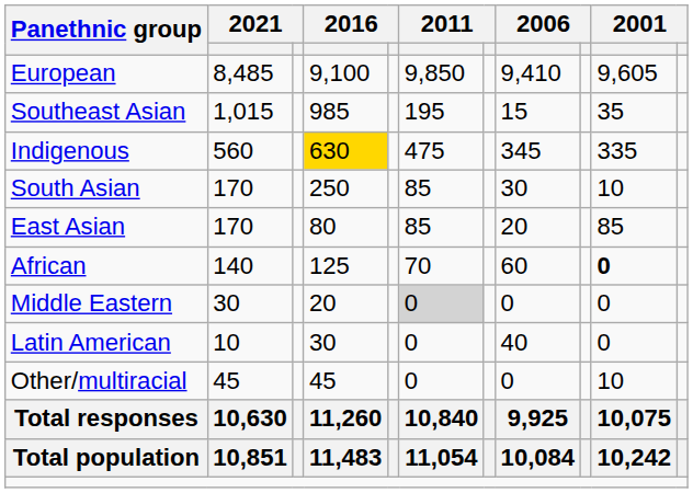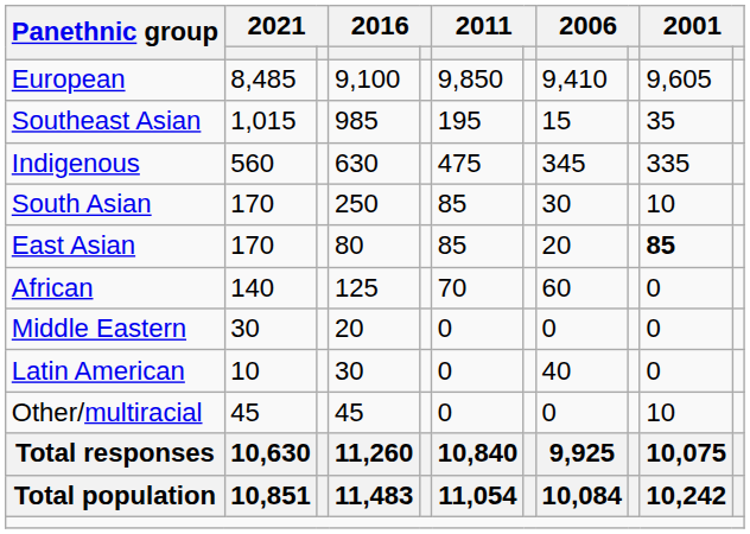 <table class="wikitable collapsible sortable">
 <tr>
 <th rowspan="2"><a href='#'>Panethnic</a> group</th>
 <th colspan="2">2021</th>
 <th colspan="2">2016</th>
 <th colspan="2">2011</th>
 <th colspan="2">2006</th>
 <th colspan="2">2001</th>
 </tr>
 <tr>
 <th><a href='#'></a></th>
 <th></th>
 <th></th>
 <th></th>
 <th></th>
 <th></th>
 <th></th>
 <th></th>
 <th></th>
 <th></th>
 </tr>
 <tr>
 <td><a href='#'>European</a></td>
 <td>8,485</td>
 <td></td>
 <td>9,100</td>
 <td></td>
 <td>9,850</td>
 <td></td>
 <td>9,410</td>
 <td></td>
 <td>9,605</td>
 <td></td>
 </tr>
 <tr>
 <td><a href='#'>Southeast Asian</a></td>
 <td>1,015</td>
 <td></td>
 <td>985</td>
 <td></td>
 <td>195</td>
 <td></td>
 <td>15</td>
 <td></td>
 <td>35</td>
 <td></td>
 </tr>
 <tr>
 <td><a href='#'>Indigenous</a></td>
 <td>560</td>
 <td></td>
-<td style="background: gold;">630</td>
+<td>630</td>
 <td></td>
 <td>475</td>
 <td></td>
 <td>345</td>
 <td></td>
 <td>335</td>
 <td></td>
 </tr>
 <tr>
 <td><a href='#'>South Asian</a></td>
 <td>170</td>
 <td></td>
 <td>250</td>
 <td></td>
 <td>85</td>
 <td></td>
 <td>30</td>
 <td></td>
 <td>10</td>
 <td></td>
 </tr>
 <tr>
 <td><a href='#'>East Asian</a></td>
 <td>170</td>
 <td></td>
 <td>80</td>
 <td></td>
 <td>85</td>
 <td></td>
 <td>20</td>
 <td></td>
-<td>85</td>
+<td><strong>85</strong></td>
 <td></td>
 </tr>
 <tr>
 <td><a href='#'>African</a></td>
 <td>140</td>
 <td></td>
 <td>125</td>
 <td></td>
 <td>70</td>
 <td></td>
 <td>60</td>
 <td></td>
-<td><strong>0</strong></td>
+<td>0</td>
 <td></td>
 </tr>
 <tr>
 <td><a href='#'>Middle Eastern</a></td>
 <td>30</td>
 <td></td>
 <td>20</td>
 <td></td>
-<td style="background: lightgrey;">0</td>
+<td>0</td>
 <td></td>
 <td>0</td>
 <td></td>
 <td>0</td>
 <td></td>
 </tr>
 <tr>
 <td><a href='#'>Latin American</a></td>
 <td>10</td>
 <td></td>
 <td>30</td>
 <td></td>
 <td>0</td>
 <td></td>
 <td>40</td>
 <td></td>
 <td>0</td>
 <td></td>
 </tr>
 <tr>
 <td>Other/<a href='#'>multiracial</a></td>
 <td>45</td>
 <td></td>
 <td>45</td>
 <td></td>
 <td>0</td>
 <td></td>
 <td>0</td>
 <td></td>
 <td>10</td>
 <td></td>
 </tr>
 <tr>
 <th>Total responses</th>
 <th>10,630</th>
 <th></th>
 <th>11,260</th>
 <th></th>
 <th>10,840</th>
 <th></th>
 <th>9,925</th>
 <th></th>
 <th>10,075</th>
 <th></th>
 </tr>
 <tr class="sortbottom">
 <th>Total population</th>
 <th>10,851</th>
 <th></th>
 <th>11,483</th>
 <th></th>
 <th>11,054</th>
 <th></th>
 <th>10,084</th>
 <th></th>
 <th>10,242</th>
 <th></th>
 </tr>
 <tr class="sortbottom">
 <td colspan="11"></td>
 </tr>
 </table>
